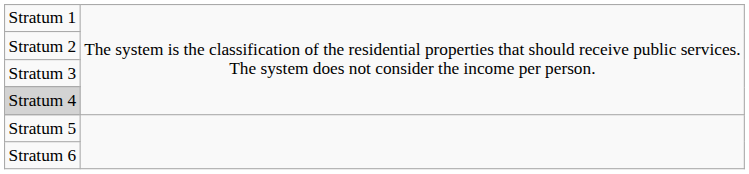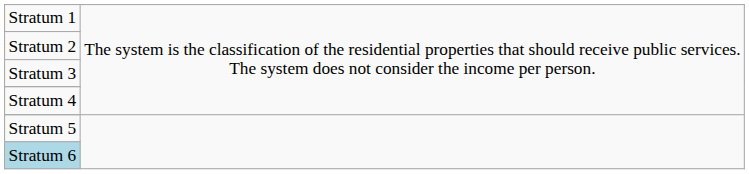 <table class="wikitable">
 <tr>
 <td>Stratum 1</td>
 <td rowspan="6" colspan="6" style="text-align: center;">The system is the classification of the residential properties that should receive public services.<br>The system does not consider the income per person.</td>
 </tr>
 <tr>
 <td>Stratum 2</td>
 </tr>
 <tr>
 <td>Stratum 3</td>
 </tr>
 <tr>
 </tr>
 <tr>
-<td style="background: lightgrey;">Stratum 4</td>
+<td>Stratum 4</td>
 </tr>
 <tr>
 </tr>
 <tr>
 <td>Stratum 5</td>
 </tr>
 <tr>
-<td>Stratum 6</td>
+<td style="background: lightblue;">Stratum 6</td>
 </tr>
 </table>
